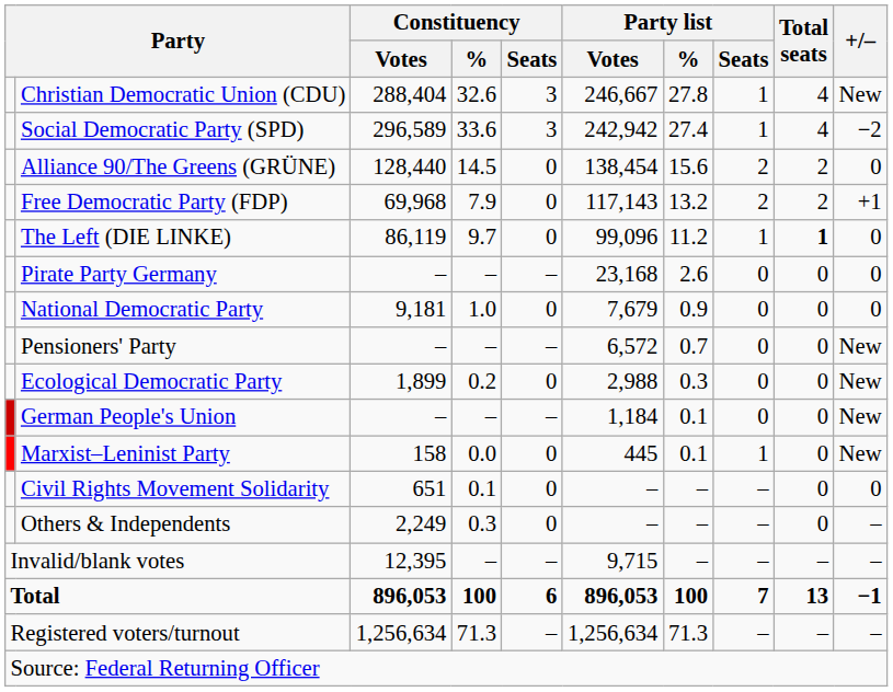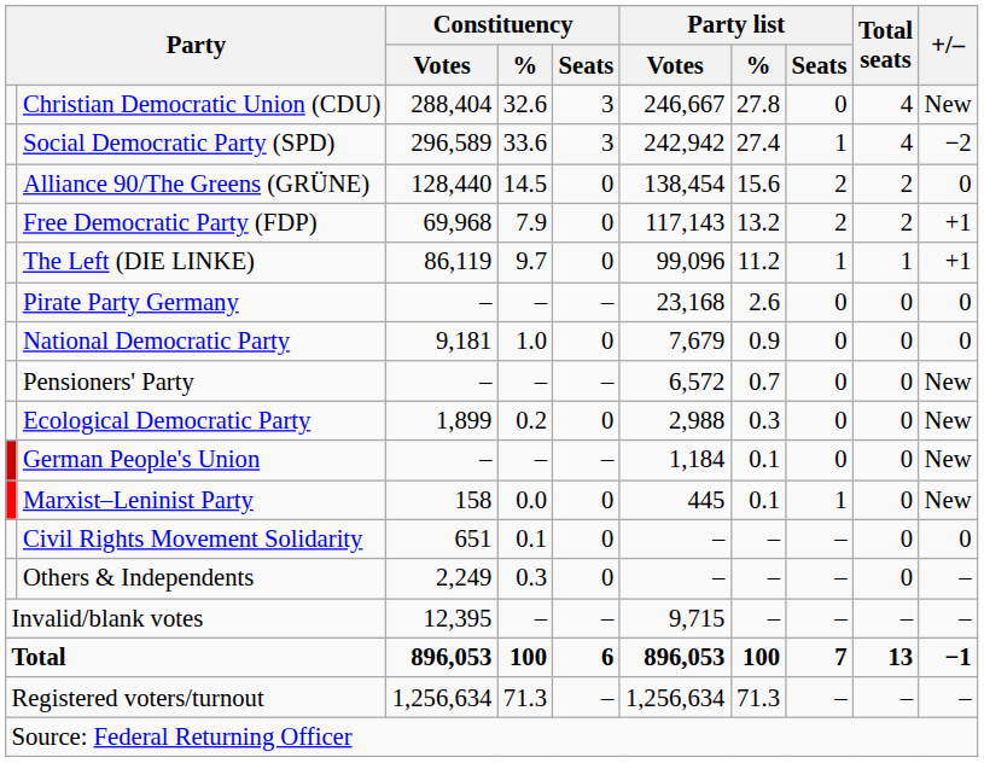 <table class="wikitable" style="text-align:right">
 <tr>
 <th colspan="2" rowspan="2">Party</th>
 <th colspan="3">Constituency</th>
 <th colspan="3">Party list</th>
 <th rowspan="2">Total<br>seats</th>
 <th rowspan="2">+/–</th>
 </tr>
 <tr>
 <th>Votes</th>
 <th>%</th>
 <th>Seats</th>
 <th>Votes</th>
 <th>%</th>
 <th>Seats</th>
 </tr>
 <tr>
 <td></td>
 <td align="left"><a href='#'>Christian Democratic Union</a> (CDU)</td>
 <td>288,404</td>
 <td>32.6</td>
 <td>3</td>
 <td>246,667</td>
 <td>27.8</td>
-<td>1</td>
+<td>0</td>
 <td>4</td>
 <td>New</td>
 </tr>
 <tr>
 <td></td>
 <td align="left"><a href='#'>Social Democratic Party</a> (SPD)</td>
 <td>296,589</td>
 <td>33.6</td>
 <td>3</td>
 <td>242,942</td>
 <td>27.4</td>
 <td>1</td>
 <td>4</td>
 <td>−2</td>
 </tr>
 <tr>
 <td></td>
 <td align="left"><a href='#'>Alliance 90/The Greens</a> (GRÜNE)</td>
 <td>128,440</td>
 <td>14.5</td>
 <td>0</td>
 <td>138,454</td>
 <td>15.6</td>
 <td>2</td>
 <td>2</td>
 <td>0</td>
 </tr>
 <tr>
 <td></td>
 <td align="left"><a href='#'>Free Democratic Party</a> (FDP)</td>
 <td>69,968</td>
 <td>7.9</td>
 <td>0</td>
 <td>117,143</td>
 <td>13.2</td>
 <td>2</td>
 <td>2</td>
 <td>+1</td>
 </tr>
 <tr>
 <td></td>
 <td align="left"><a href='#'>The Left</a> (DIE LINKE)</td>
 <td>86,119</td>
 <td>9.7</td>
 <td>0</td>
 <td>99,096</td>
 <td>11.2</td>
 <td>1</td>
-<td><strong>1</strong></td>
-<td>0</td>
+<td>1</td>
+<td>+1</td>
 </tr>
 <tr>
 <td style="background-color:"></td>
 <td align="left"><a href='#'>Pirate Party Germany</a></td>
 <td>–</td>
 <td>–</td>
 <td>–</td>
 <td>23,168</td>
 <td>2.6</td>
 <td>0</td>
 <td>0</td>
 <td>0</td>
 </tr>
 <tr>
 <td style="background-color:"></td>
 <td align="left"><a href='#'>National Democratic Party</a></td>
 <td>9,181</td>
 <td>1.0</td>
 <td>0</td>
 <td>7,679</td>
 <td>0.9</td>
 <td>0</td>
 <td>0</td>
 <td>0</td>
 </tr>
 <tr>
 <td></td>
 <td align="left">Pensioners' Party</td>
 <td>–</td>
 <td>–</td>
 <td>–</td>
 <td>6,572</td>
 <td>0.7</td>
 <td>0</td>
 <td>0</td>
 <td>New</td>
 </tr>
 <tr>
 <td style="background-color:"></td>
 <td align="left"><a href='#'>Ecological Democratic Party</a></td>
 <td>1,899</td>
 <td>0.2</td>
 <td>0</td>
 <td>2,988</td>
 <td>0.3</td>
 <td>0</td>
 <td>0</td>
 <td>New</td>
 </tr>
 <tr>
 <td style="background-color:#CC0000"></td>
 <td align="left"><a href='#'>German People's Union</a></td>
 <td>–</td>
 <td>–</td>
 <td>–</td>
 <td>1,184</td>
 <td>0.1</td>
 <td>0</td>
 <td>0</td>
 <td>New</td>
 </tr>
 <tr>
 <td style="background-color:red"></td>
 <td align="left"><a href='#'>Marxist–Leninist Party</a></td>
 <td>158</td>
 <td>0.0</td>
 <td>0</td>
 <td>445</td>
 <td>0.1</td>
 <td>1</td>
 <td>0</td>
 <td>New</td>
 </tr>
 <tr>
 <td></td>
 <td align="left"><a href='#'>Civil Rights Movement Solidarity</a></td>
 <td>651</td>
 <td>0.1</td>
 <td>0</td>
 <td>–</td>
 <td>–</td>
 <td>–</td>
 <td>0</td>
 <td>0</td>
 </tr>
 <tr>
 <td></td>
 <td align="left">Others & Independents</td>
 <td>2,249</td>
 <td>0.3</td>
 <td>0</td>
 <td>–</td>
 <td>–</td>
 <td>–</td>
 <td>0</td>
 <td>–</td>
 </tr>
 <tr>
 <td colspan="2" align="left">Invalid/blank votes</td>
 <td>12,395</td>
 <td>–</td>
 <td>–</td>
 <td>9,715</td>
 <td>–</td>
 <td>–</td>
 <td>–</td>
 <td>–</td>
 </tr>
 <tr>
 <td colspan="2" align="left"><strong>Total</strong></td>
 <td><strong>896,053</strong></td>
 <td><strong>100</strong></td>
 <td><strong>6</strong></td>
 <td><strong>896,053</strong></td>
 <td><strong>100</strong></td>
 <td><strong>7</strong></td>
 <td><strong>13</strong></td>
 <td><strong>−1</strong></td>
 </tr>
 <tr>
 <td colspan="2" align="left">Registered voters/turnout</td>
 <td>1,256,634</td>
 <td>71.3</td>
 <td>–</td>
 <td>1,256,634</td>
 <td>71.3</td>
 <td>–</td>
 <td>–</td>
 <td>–</td>
 </tr>
 <tr>
 <td colspan="10" align="left">Source: <a href='#'>Federal Returning Officer</a></td>
 </tr>
 </table>
